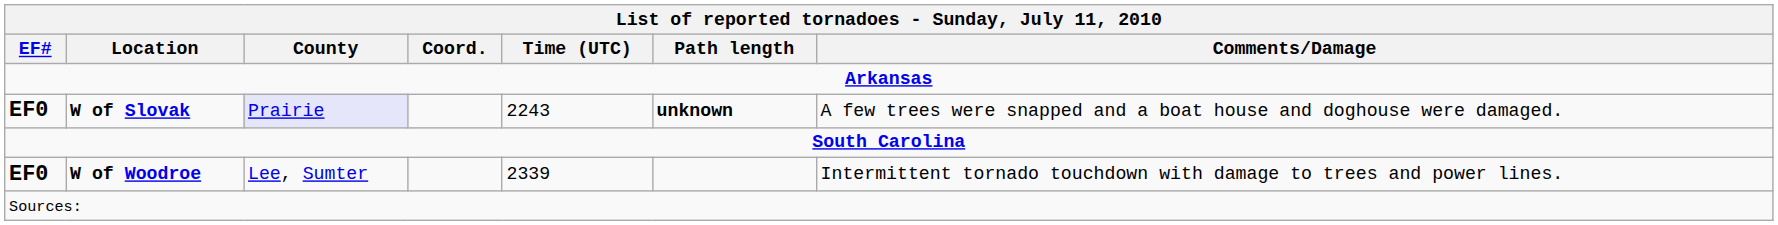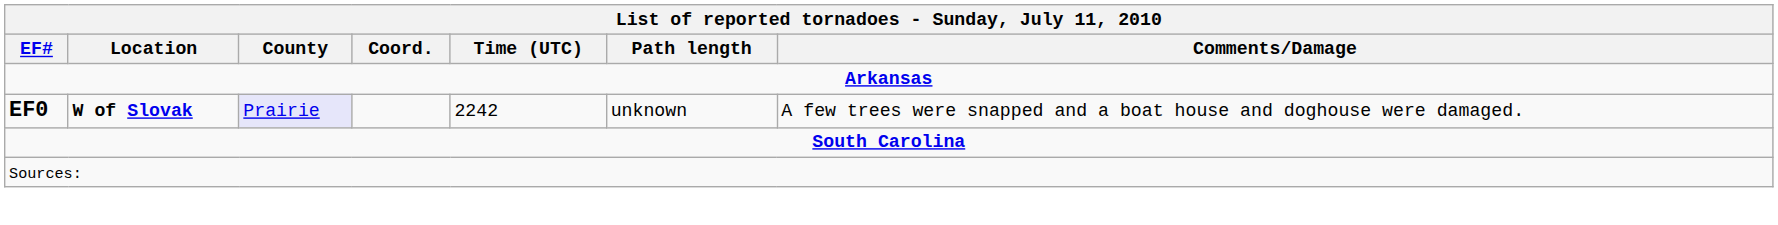 <table class="wikitable collapsible" style="width:100%;">
 <tr>
 <th colspan="7">List of reported tornadoes - Sunday, July 11, 2010</th>
 </tr>
 <tr>
 <th><a href='#'>EF#</a></th>
 <th>Location</th>
 <th>County</th>
 <th>Coord.</th>
 <th>Time (UTC)</th>
 <th>Path length</th>
 <th>Comments/Damage</th>
 </tr>
 <tr>
 <td colspan="7" style="text-align:center;"><strong><a href='#'>Arkansas</a></strong></td>
 </tr>
 <tr>
 <td><big><strong>EF0</strong></big></td>
 <td><strong>W of <a href='#'>Slovak</a></strong></td>
 <td style="background: lavender;"><a href='#'>Prairie</a></td>
 <td></td>
-<td>2243</td>
-<td><strong>unknown</strong></td>
+<td>2242</td>
+<td>unknown</td>
 <td>A few trees were snapped and a boat house and doghouse were damaged.</td>
 </tr>
 <tr>
 <td colspan="7" style="text-align:center;"><strong><a href='#'>South Carolina</a></strong></td>
 </tr>
 <tr>
-<td><big><strong>EF0</strong></big></td>
-<td><strong>W of <a href='#'>Woodroe</a></strong></td>
-<td><a href='#'>Lee</a>, <a href='#'>Sumter</a></td>
-<td></td>
-<td>2339</td>
-<td></td>
-<td>Intermittent tornado touchdown with damage to trees and power lines.</td>
-</tr>
-<tr>
 <td colspan="7"><small>Sources: </small></td>
 </tr>
 </table>
